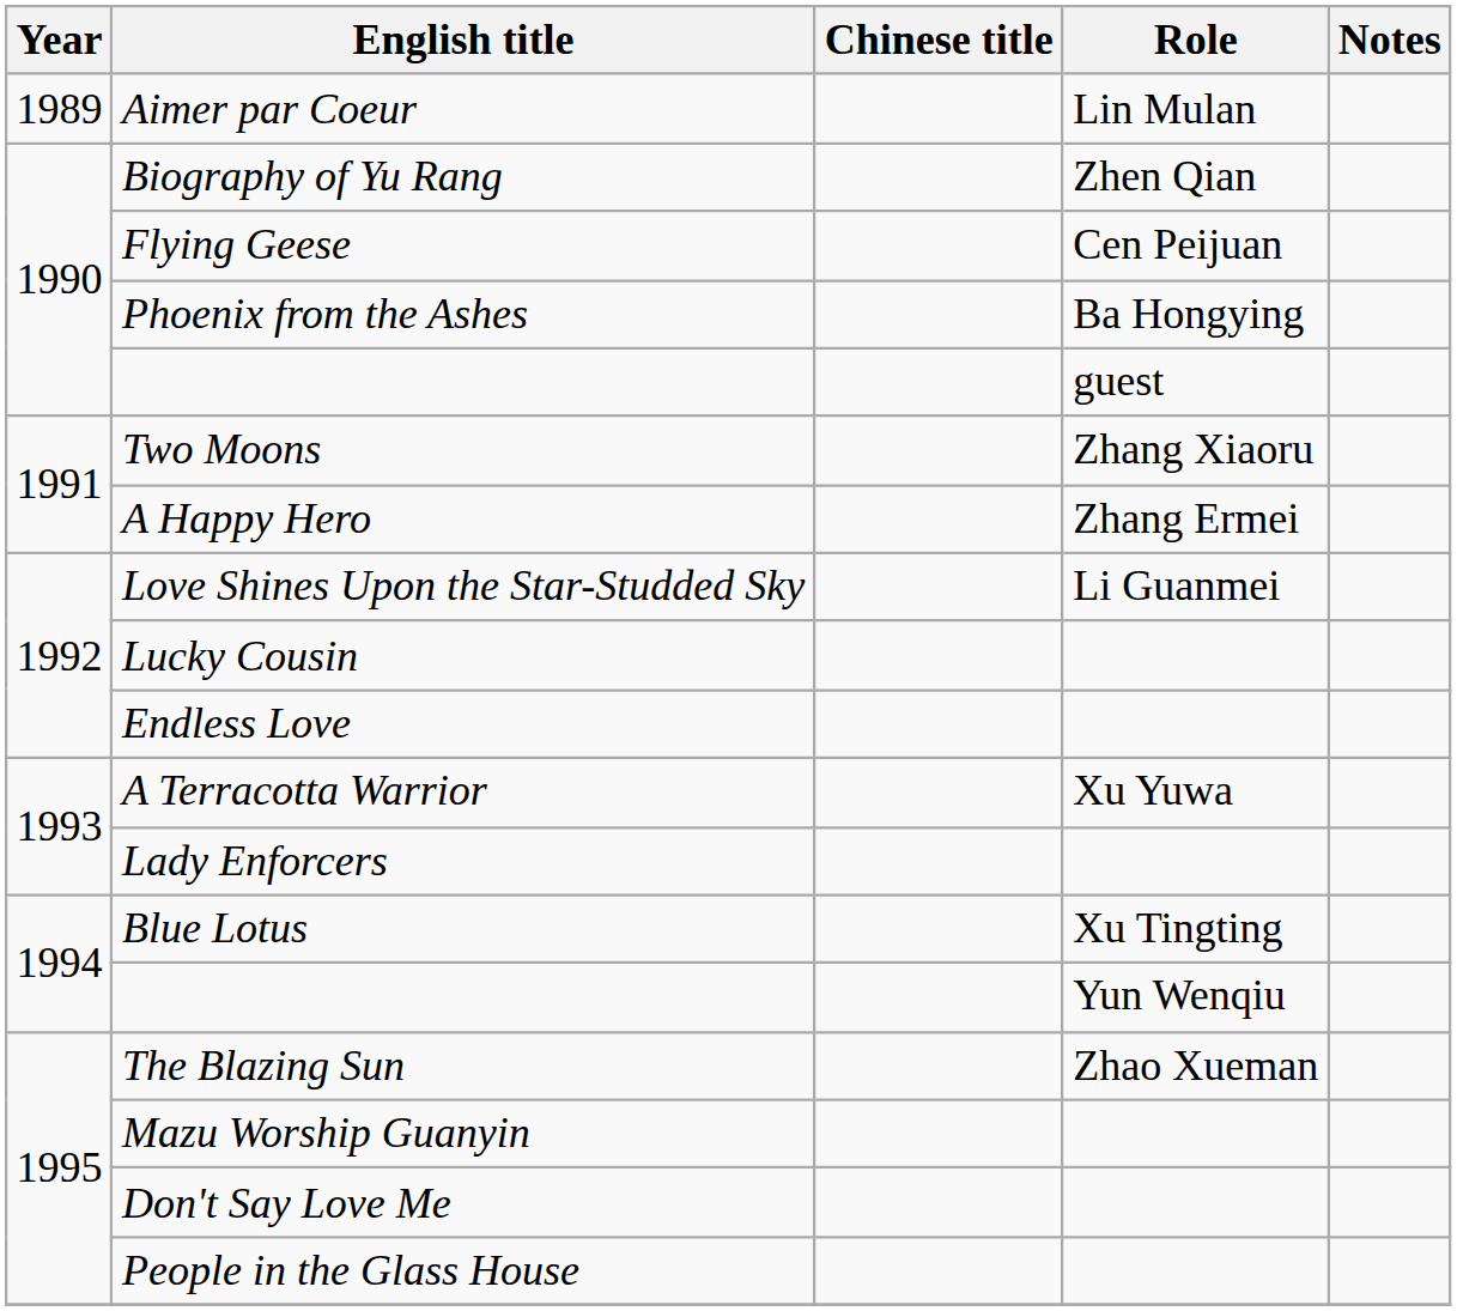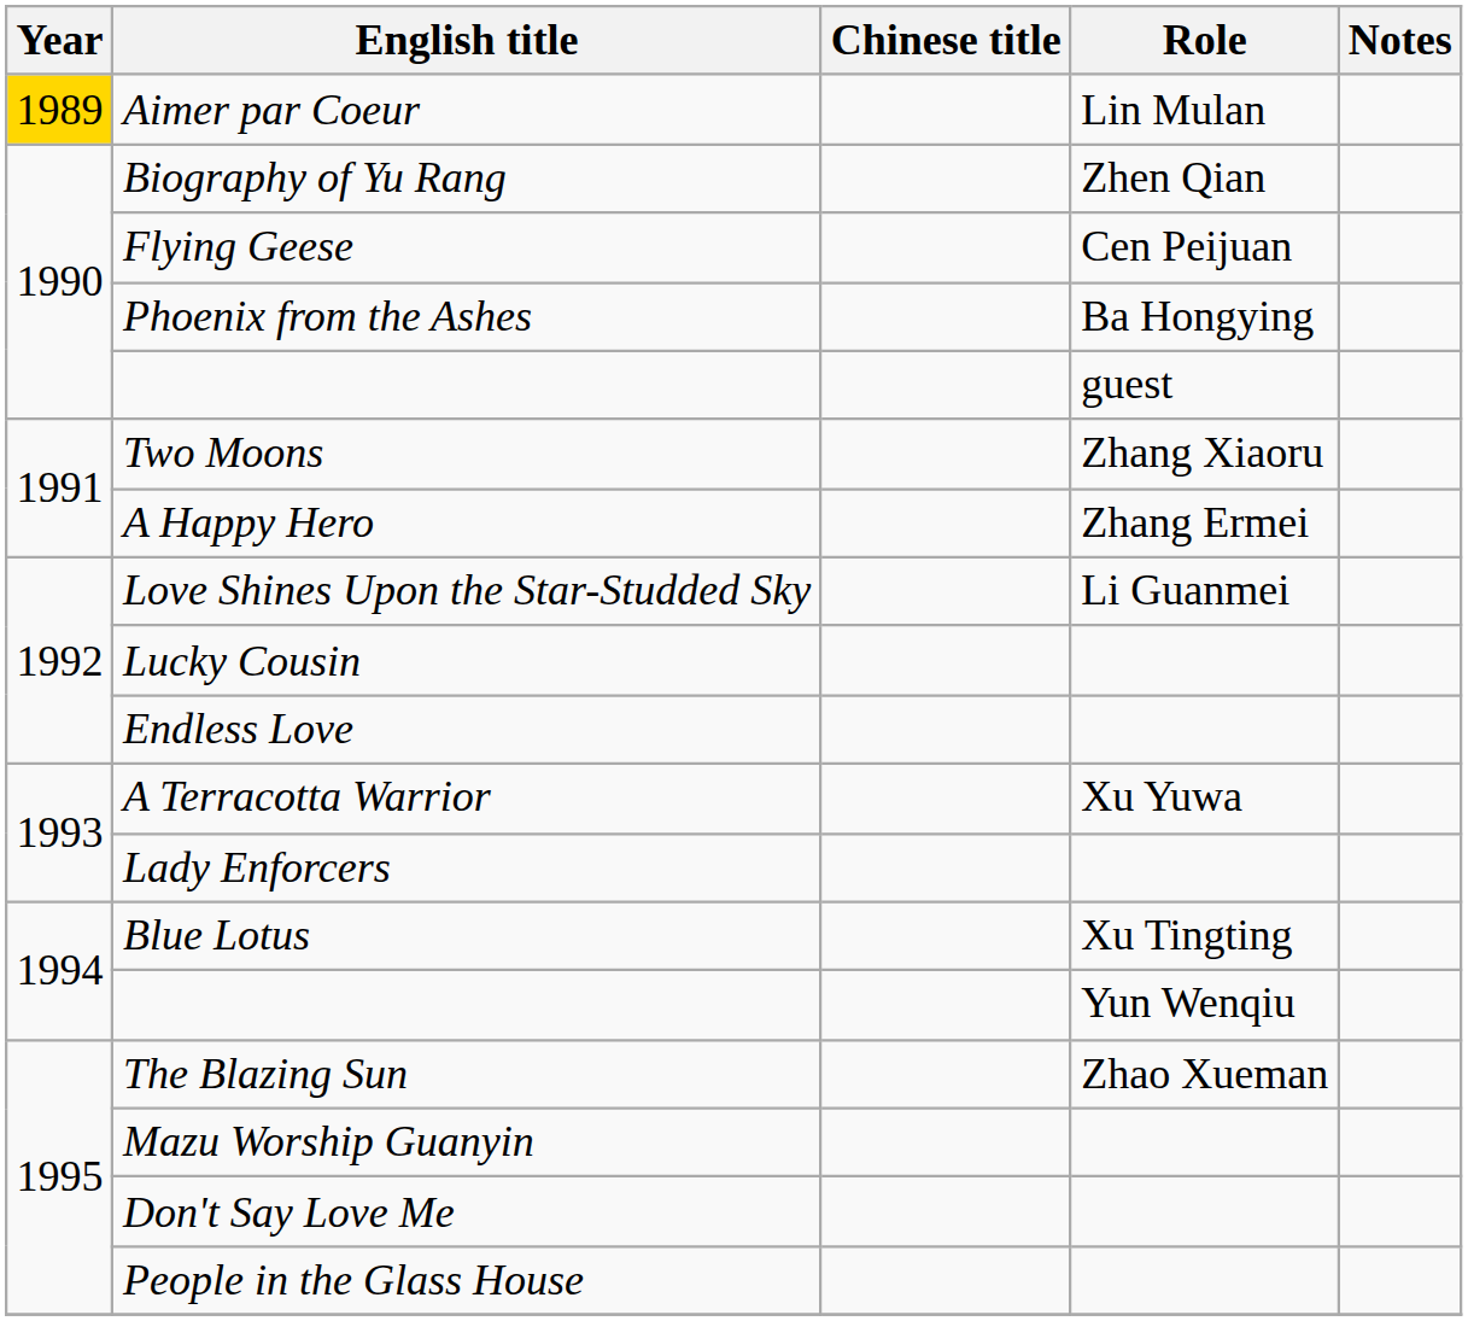 <table class="wikitable">
 <tr>
 <th>Year</th>
 <th>English title</th>
 <th>Chinese title</th>
 <th>Role</th>
 <th>Notes</th>
 </tr>
 <tr>
-<td>1989</td>
+<td style="background: gold;">1989</td>
 <td><em>Aimer par Coeur</em></td>
 <td></td>
 <td>Lin Mulan</td>
 <td></td>
 </tr>
 <tr>
 <td rowspan=4>1990</td>
 <td><em>Biography of Yu Rang</em></td>
 <td></td>
 <td>Zhen Qian</td>
 <td></td>
 </tr>
 <tr>
 <td><em>Flying Geese</em></td>
 <td></td>
 <td>Cen Peijuan</td>
 <td></td>
 </tr>
 <tr>
 <td><em>Phoenix from the Ashes</em></td>
 <td></td>
 <td>Ba Hongying</td>
 <td></td>
 </tr>
 <tr>
 <td></td>
 <td></td>
 <td>guest</td>
 <td></td>
 </tr>
 <tr>
 <td rowspan=2>1991</td>
 <td><em>Two Moons</em></td>
 <td></td>
 <td>Zhang Xiaoru</td>
 <td></td>
 </tr>
 <tr>
 <td><em>A Happy Hero</em></td>
 <td></td>
 <td>Zhang Ermei</td>
 <td></td>
 </tr>
 <tr>
 <td rowspan=3>1992</td>
 <td><em>Love Shines Upon the Star-Studded Sky</em></td>
 <td></td>
 <td>Li Guanmei</td>
 <td></td>
 </tr>
 <tr>
 <td><em>Lucky Cousin</em></td>
 <td></td>
 <td></td>
 <td></td>
 </tr>
 <tr>
 <td><em>Endless Love</em></td>
 <td></td>
 <td></td>
 <td></td>
 </tr>
 <tr>
 <td rowspan=2>1993</td>
 <td><em>A Terracotta Warrior</em></td>
 <td></td>
 <td>Xu Yuwa</td>
 <td></td>
 </tr>
 <tr>
 <td><em>Lady Enforcers</em></td>
 <td></td>
 <td></td>
 <td></td>
 </tr>
 <tr>
 <td rowspan=2>1994</td>
 <td><em>Blue Lotus</em></td>
 <td></td>
 <td>Xu Tingting</td>
 <td></td>
 </tr>
 <tr>
 <td></td>
 <td></td>
 <td>Yun Wenqiu</td>
 <td></td>
 </tr>
 <tr>
 <td rowspan=4>1995</td>
 <td><em>The Blazing Sun</em></td>
 <td></td>
 <td>Zhao Xueman</td>
 <td></td>
 </tr>
 <tr>
 <td><em>Mazu Worship Guanyin</em></td>
 <td></td>
 <td></td>
 <td></td>
 </tr>
 <tr>
 <td><em>Don't Say Love Me</em></td>
 <td></td>
 <td></td>
 <td></td>
 </tr>
 <tr>
 <td><em>People in the Glass House</em></td>
 <td></td>
 <td></td>
 <td></td>
 </tr>
 <tr>
 </tr>
 </table>
